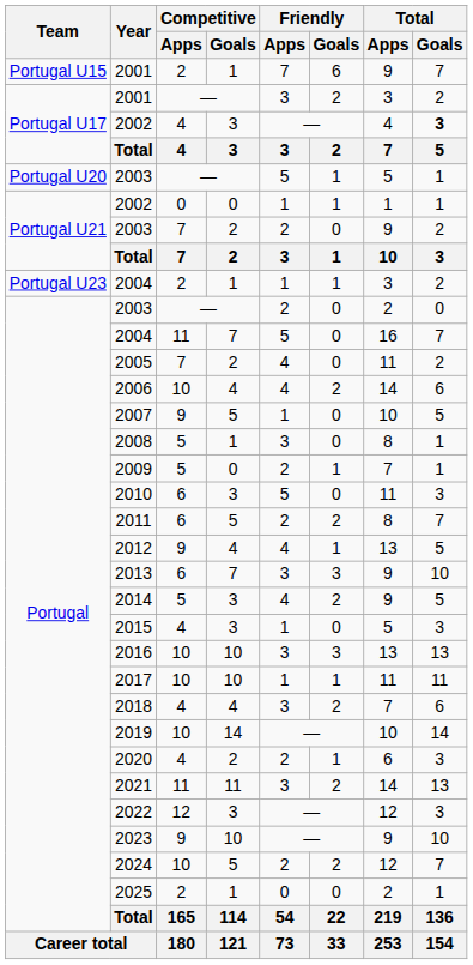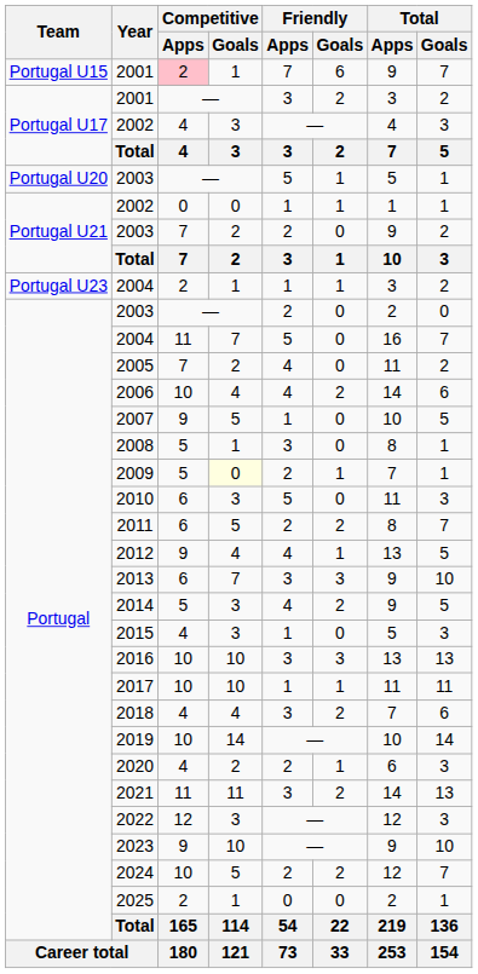 <table class="wikitable" style="text-align:center">
 <tr>
 <th rowspan=2>Team</th>
 <th rowspan=2>Year</th>
 <th colspan=2>Competitive</th>
 <th colspan=2>Friendly</th>
 <th colspan=2>Total</th>
 </tr>
 <tr>
 <th>Apps</th>
 <th>Goals</th>
 <th>Apps</th>
 <th>Goals</th>
 <th>Apps</th>
 <th>Goals</th>
 </tr>
 <tr>
 <td><a href='#'>Portugal U15</a></td>
 <td>2001</td>
-<td>2</td>
+<td style="background: pink;">2</td>
 <td>1</td>
 <td>7</td>
 <td>6</td>
 <td>9</td>
 <td>7</td>
 </tr>
 <tr>
 <td rowspan=3><a href='#'>Portugal U17</a></td>
 <td>2001</td>
 <td colspan=2>—</td>
 <td>3</td>
 <td>2</td>
 <td>3</td>
 <td>2</td>
 </tr>
 <tr>
 <td>2002</td>
 <td>4</td>
 <td>3</td>
 <td colspan=2>—</td>
 <td>4</td>
-<td><strong>3</strong></td>
+<td>3</td>
 </tr>
 <tr>
 <th>Total</th>
 <th>4</th>
 <th>3</th>
 <th>3</th>
 <th>2</th>
 <th>7</th>
 <th>5</th>
 </tr>
 <tr>
 <td><a href='#'>Portugal U20</a></td>
 <td>2003</td>
 <td colspan=2>—</td>
 <td>5</td>
 <td>1</td>
 <td>5</td>
 <td>1</td>
 </tr>
 <tr>
 <td rowspan=3><a href='#'>Portugal U21</a></td>
 <td>2002</td>
 <td>0</td>
 <td>0</td>
 <td>1</td>
 <td>1</td>
 <td>1</td>
 <td>1</td>
 </tr>
 <tr>
 <td>2003</td>
 <td>7</td>
 <td>2</td>
 <td>2</td>
 <td>0</td>
 <td>9</td>
 <td>2</td>
 </tr>
 <tr>
 <th>Total</th>
 <th>7</th>
 <th>2</th>
 <th>3</th>
 <th>1</th>
 <th>10</th>
 <th>3</th>
 </tr>
 <tr>
 <td><a href='#'>Portugal U23</a></td>
 <td>2004</td>
 <td>2</td>
 <td>1</td>
 <td>1</td>
 <td>1</td>
 <td>3</td>
 <td>2</td>
 </tr>
 <tr>
 <td rowspan="24"><a href='#'>Portugal</a></td>
 <td>2003</td>
 <td colspan=2>—</td>
 <td>2</td>
 <td>0</td>
 <td>2</td>
 <td>0</td>
 </tr>
 <tr>
 <td>2004</td>
 <td>11</td>
 <td>7</td>
 <td>5</td>
 <td>0</td>
 <td>16</td>
 <td>7</td>
 </tr>
 <tr>
 <td>2005</td>
 <td>7</td>
 <td>2</td>
 <td>4</td>
 <td>0</td>
 <td>11</td>
 <td>2</td>
 </tr>
 <tr>
 <td>2006</td>
 <td>10</td>
 <td>4</td>
 <td>4</td>
 <td>2</td>
 <td>14</td>
 <td>6</td>
 </tr>
 <tr>
 <td>2007</td>
 <td>9</td>
 <td>5</td>
 <td>1</td>
 <td>0</td>
 <td>10</td>
 <td>5</td>
 </tr>
 <tr>
 <td>2008</td>
 <td>5</td>
 <td>1</td>
 <td>3</td>
 <td>0</td>
 <td>8</td>
 <td>1</td>
 </tr>
 <tr>
 <td>2009</td>
 <td>5</td>
-<td>0</td>
+<td style="background: lightyellow;">0</td>
 <td>2</td>
 <td>1</td>
 <td>7</td>
 <td>1</td>
 </tr>
 <tr>
 <td>2010</td>
 <td>6</td>
 <td>3</td>
 <td>5</td>
 <td>0</td>
 <td>11</td>
 <td>3</td>
 </tr>
 <tr>
 <td>2011</td>
 <td>6</td>
 <td>5</td>
 <td>2</td>
 <td>2</td>
 <td>8</td>
 <td>7</td>
 </tr>
 <tr>
 <td>2012</td>
 <td>9</td>
 <td>4</td>
 <td>4</td>
 <td>1</td>
 <td>13</td>
 <td>5</td>
 </tr>
 <tr>
 <td>2013</td>
 <td>6</td>
 <td>7</td>
 <td>3</td>
 <td>3</td>
 <td>9</td>
 <td>10</td>
 </tr>
 <tr>
 <td>2014</td>
 <td>5</td>
 <td>3</td>
 <td>4</td>
 <td>2</td>
 <td>9</td>
 <td>5</td>
 </tr>
 <tr>
 <td>2015</td>
 <td>4</td>
 <td>3</td>
 <td>1</td>
 <td>0</td>
 <td>5</td>
 <td>3</td>
 </tr>
 <tr>
 <td>2016</td>
 <td>10</td>
 <td>10</td>
 <td>3</td>
 <td>3</td>
 <td>13</td>
 <td>13</td>
 </tr>
 <tr>
 <td>2017</td>
 <td>10</td>
 <td>10</td>
 <td>1</td>
 <td>1</td>
 <td>11</td>
 <td>11</td>
 </tr>
 <tr>
 <td>2018</td>
 <td>4</td>
 <td>4</td>
 <td>3</td>
 <td>2</td>
 <td>7</td>
 <td>6</td>
 </tr>
 <tr>
 <td>2019</td>
 <td>10</td>
 <td>14</td>
 <td colspan=2>—</td>
 <td>10</td>
 <td>14</td>
 </tr>
 <tr>
 <td>2020</td>
 <td>4</td>
 <td>2</td>
 <td>2</td>
 <td>1</td>
 <td>6</td>
 <td>3</td>
 </tr>
 <tr>
 <td>2021</td>
 <td>11</td>
 <td>11</td>
 <td>3</td>
 <td>2</td>
 <td>14</td>
 <td>13</td>
 </tr>
 <tr>
 <td>2022</td>
 <td>12</td>
 <td>3</td>
 <td colspan=2>—</td>
 <td>12</td>
 <td>3</td>
 </tr>
 <tr>
 <td>2023</td>
 <td>9</td>
 <td>10</td>
 <td colspan=2>—</td>
 <td>9</td>
 <td>10</td>
 </tr>
 <tr>
 <td>2024</td>
 <td>10</td>
 <td>5</td>
 <td>2</td>
 <td>2</td>
 <td>12</td>
 <td>7</td>
 </tr>
 <tr>
 <td>2025</td>
 <td>2</td>
 <td>1</td>
 <td>0</td>
 <td>0</td>
 <td>2</td>
 <td>1</td>
 </tr>
 <tr>
 <th>Total</th>
 <th>165</th>
 <th>114</th>
 <th>54</th>
 <th>22</th>
 <th>219</th>
 <th>136</th>
 </tr>
 <tr>
 <th colspan=2>Career total</th>
 <th>180</th>
 <th>121</th>
 <th>73</th>
 <th>33</th>
 <th>253</th>
 <th>154</th>
 </tr>
 </table>
